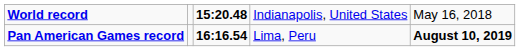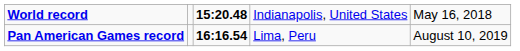 <table class="wikitable">
 <tr>
 <td><strong><a href='#'>World record</a></strong></td>
 <td></td>
 <td><strong>15:20.48</strong></td>
 <td><a href='#'>Indianapolis</a>, <a href='#'>United States</a></td>
 <td>May 16, 2018</td>
 </tr>
 <tr>
 <td><strong><a href='#'>Pan American Games record</a></strong></td>
 <td></td>
 <td><strong>16:16.54</strong></td>
 <td><a href='#'>Lima</a>, <a href='#'>Peru</a></td>
-<td><strong>August 10, 2019</strong></td>
+<td>August 10, 2019</td>
 </tr>
 </table>
